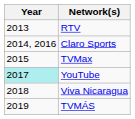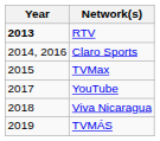 <table class="wikitable">
 <tr>
 <th>Year</th>
 <th>Network(s)</th>
 </tr>
 <tr>
-<td>2013</td>
+<td><strong>2013</strong></td>
 <td> <a href='#'>RTV</a></td>
 </tr>
 <tr>
 <td>2014, 2016</td>
 <td> <a href='#'>Claro Sports</a></td>
 </tr>
 <tr>
 <td>2015</td>
 <td> <a href='#'>TVMax</a></td>
 </tr>
 <tr>
-<td style="background: paleturquoise;">2017</td>
+<td>2017</td>
 <td> <a href='#'>YouTube</a></td>
 </tr>
 <tr>
 <td>2018</td>
 <td> <a href='#'>Viva Nicaragua</a></td>
 </tr>
 <tr>
 <td>2019</td>
 <td> <a href='#'>TVMÁS</a></td>
 </tr>
 </table>
